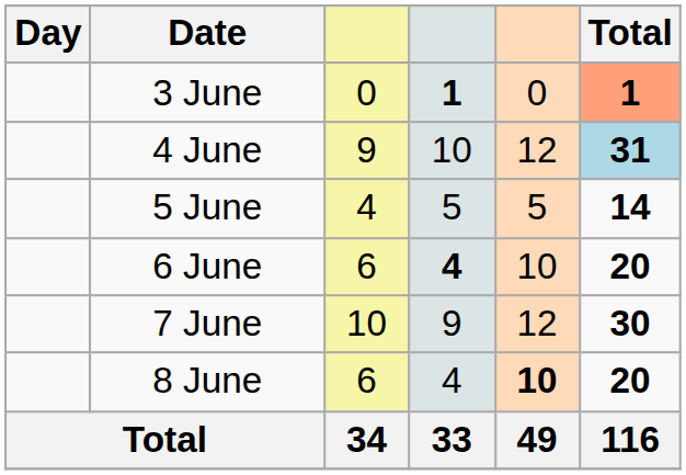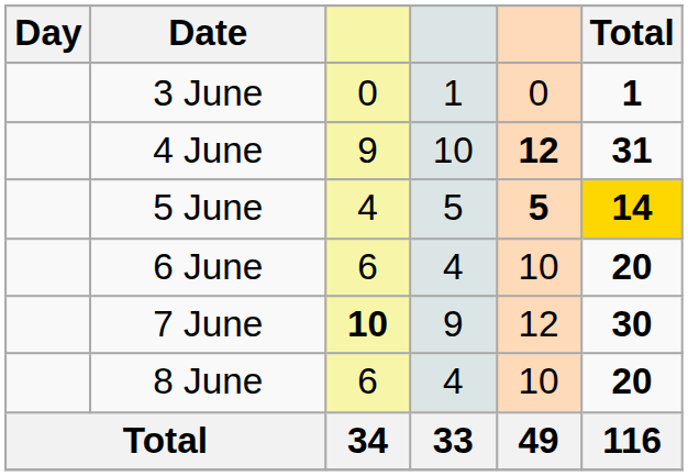 <table class="wikitable" style="font-size:100%; text-align:center">
 <tr style="background:#efefef;">
 </tr>
 <tr>
 <th width=30><strong>Day</strong></th>
 <th width=95><strong>Date</strong></th>
 <th width=30 style="background:#F7F6A8;"></th>
 <th width=30 style="background:#DCE5E5;"></th>
 <th width=30 style="background:#FFDAB9;"></th>
 <th width=30><strong>Total</strong></th>
 </tr>
 <tr>
 <td></td>
 <td>3 June</td>
 <td style="background:#F7F6A8;">0</td>
-<td style="background:#DCE5E5;"><strong>1</strong></td>
+<td style="background:#DCE5E5;">1</td>
 <td style="background:#FFDAB9;">0</td>
-<td style="background: lightsalmon;"><strong>1</strong></td>
+<td><strong>1</strong></td>
 </tr>
 <tr>
 <td></td>
 <td>4 June</td>
 <td style="background:#F7F6A8;">9</td>
 <td style="background:#DCE5E5;">10</td>
-<td style="background:#FFDAB9;">12</td>
-<td style="background: lightblue;"><strong>31</strong></td>
+<td style="background:#FFDAB9;"><strong>12</strong></td>
+<td><strong>31</strong></td>
 </tr>
 <tr>
 <td></td>
 <td>5 June</td>
 <td style="background:#F7F6A8;">4</td>
 <td style="background:#DCE5E5;">5</td>
-<td style="background:#FFDAB9;">5</td>
-<td><strong>14</strong></td>
+<td style="background:#FFDAB9;"><strong>5</strong></td>
+<td style="background: gold;"><strong>14</strong></td>
 </tr>
 <tr>
 <td></td>
 <td>6 June</td>
 <td style="background:#F7F6A8;">6</td>
-<td style="background:#DCE5E5;"><strong>4</strong></td>
+<td style="background:#DCE5E5;">4</td>
 <td style="background:#FFDAB9;">10</td>
 <td><strong>20</strong></td>
 </tr>
 <tr>
 <td></td>
 <td>7 June</td>
-<td style="background:#F7F6A8;">10</td>
+<td style="background:#F7F6A8;"><strong>10</strong></td>
 <td style="background:#DCE5E5;">9</td>
 <td style="background:#FFDAB9;">12</td>
 <td><strong>30</strong></td>
 </tr>
 <tr>
 <td></td>
 <td>8 June</td>
 <td style="background:#F7F6A8;">6</td>
 <td style="background:#DCE5E5;">4</td>
-<td style="background:#FFDAB9;"><strong>10</strong></td>
+<td style="background:#FFDAB9;">10</td>
 <td><strong>20</strong></td>
 </tr>
 <tr>
 <th colspan="2">Total</th>
 <th>34</th>
 <th>33</th>
 <th>49</th>
 <th>116</th>
 </tr>
 <tr>
 </tr>
 </table>
